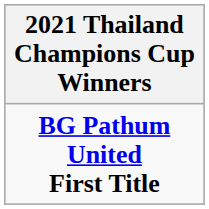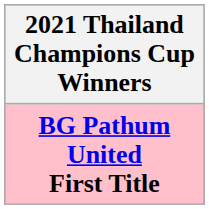 <table class="wikitable" style="text-align: center; margin: 0 auto; width: 20%">
 <tr>
 <th>2021 Thailand Champions Cup<br>Winners</th>
 </tr>
 <tr>
-<td align="center"><strong><a href='#'>BG Pathum United</a></strong><br><strong>First Title</strong></td>
+<td align="center" style="background: pink;"><strong><a href='#'>BG Pathum United</a></strong><br><strong>First Title</strong></td>
 </tr>
 </table>
